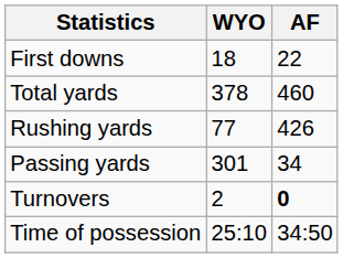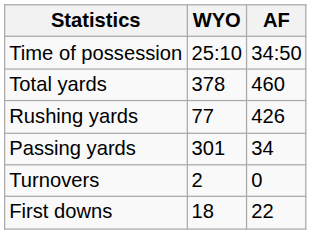 <table class="wikitable" style="float: left;">
 <tr>
 <th>Statistics</th>
 <th>WYO</th>
 <th>AF</th>
 </tr>
 <tr>
-<td>First downs</td>
-<td>18</td>
-<td>22</td>
+<td>Time of possession</td>
+<td>25:10</td>
+<td>34:50</td>
 </tr>
 <tr>
 <td>Total yards</td>
 <td>378</td>
 <td>460</td>
 </tr>
 <tr>
 <td>Rushing yards</td>
 <td>77</td>
 <td>426</td>
 </tr>
 <tr>
 <td>Passing yards</td>
 <td>301</td>
 <td>34</td>
 </tr>
 <tr>
 <td>Turnovers</td>
 <td>2</td>
-<td><strong>0</strong></td>
+<td>0</td>
 </tr>
 <tr>
-<td>Time of possession</td>
-<td>25:10</td>
-<td>34:50</td>
+<td>First downs</td>
+<td>18</td>
+<td>22</td>
 </tr>
 </table>
